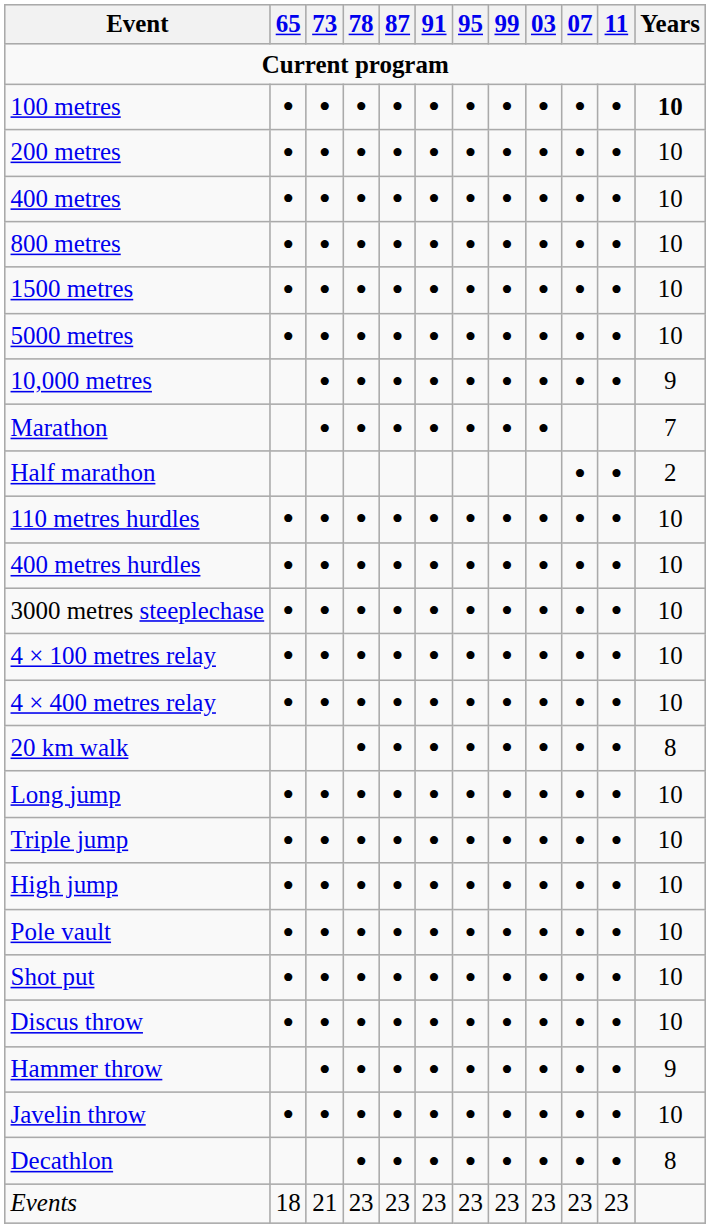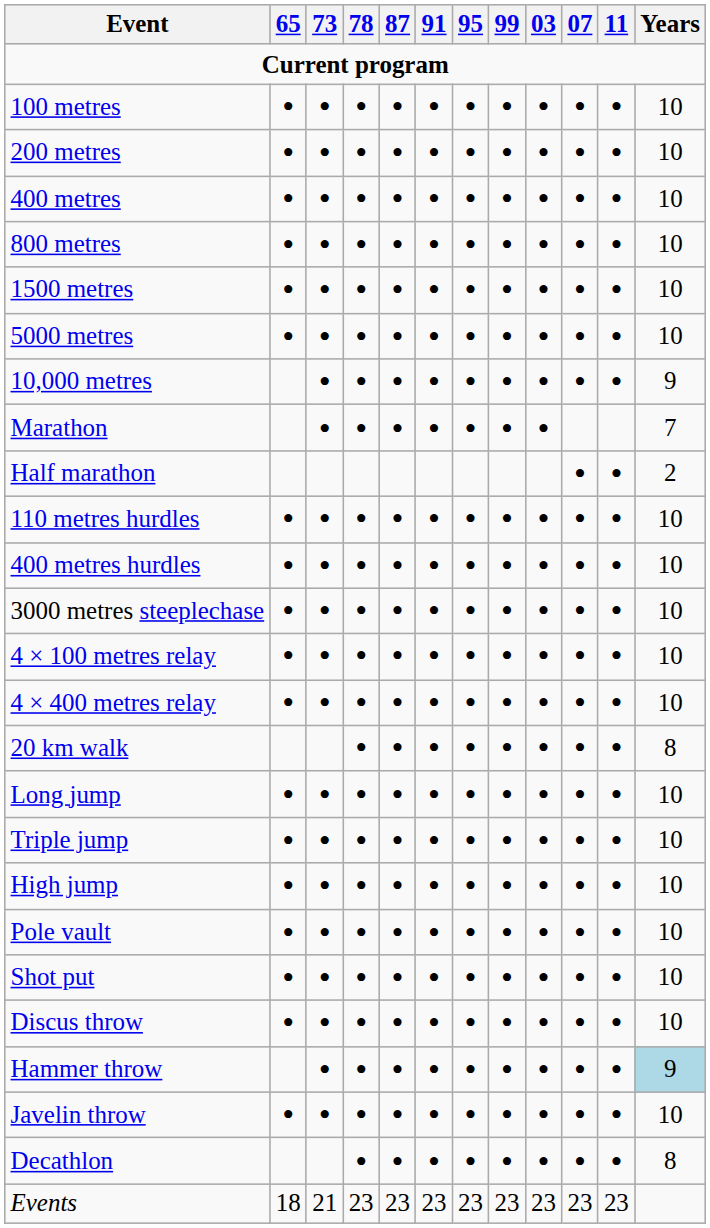 <table class="wikitable">
 <tr>
 <th>Event</th>
 <th><a href='#'>65</a></th>
 <th><a href='#'>73</a></th>
 <th><a href='#'>78</a></th>
 <th><a href='#'>87</a></th>
 <th><a href='#'>91</a></th>
 <th><a href='#'>95</a></th>
 <th><a href='#'>99</a></th>
 <th><a href='#'>03</a></th>
 <th><a href='#'>07</a></th>
 <th><a href='#'>11</a></th>
 <th>Years</th>
 </tr>
 <tr align=center>
 <td colspan=28 align=center><strong>Current program</strong></td>
 </tr>
 <tr align=center>
 <td align=left><a href='#'>100 metres</a></td>
 <td><big><strong>•</strong></big></td>
 <td><big><strong>•</strong></big></td>
 <td><big><strong>•</strong></big></td>
 <td><big><strong>•</strong></big></td>
 <td><big><strong>•</strong></big></td>
 <td><big><strong>•</strong></big></td>
 <td><big><strong>•</strong></big></td>
 <td><big><strong>•</strong></big></td>
 <td><big><strong>•</strong></big></td>
 <td><big><strong>•</strong></big></td>
-<td><strong>10</strong></td>
+<td>10</td>
 </tr>
 <tr align=center>
 <td align=left><a href='#'>200 metres</a></td>
 <td><big><strong>•</strong></big></td>
 <td><big><strong>•</strong></big></td>
 <td><big><strong>•</strong></big></td>
 <td><big><strong>•</strong></big></td>
 <td><big><strong>•</strong></big></td>
 <td><big><strong>•</strong></big></td>
 <td><big><strong>•</strong></big></td>
 <td><big><strong>•</strong></big></td>
 <td><big><strong>•</strong></big></td>
 <td><big><strong>•</strong></big></td>
 <td>10</td>
 </tr>
 <tr align=center>
 <td align=left><a href='#'>400 metres</a></td>
 <td><big><strong>•</strong></big></td>
 <td><big><strong>•</strong></big></td>
 <td><big><strong>•</strong></big></td>
 <td><big><strong>•</strong></big></td>
 <td><big><strong>•</strong></big></td>
 <td><big><strong>•</strong></big></td>
 <td><big><strong>•</strong></big></td>
 <td><big><strong>•</strong></big></td>
 <td><big><strong>•</strong></big></td>
 <td><big><strong>•</strong></big></td>
 <td>10</td>
 </tr>
 <tr align=center>
 <td align=left><a href='#'>800 metres</a></td>
 <td><big><strong>•</strong></big></td>
 <td><big><strong>•</strong></big></td>
 <td><big><strong>•</strong></big></td>
 <td><big><strong>•</strong></big></td>
 <td><big><strong>•</strong></big></td>
 <td><big><strong>•</strong></big></td>
 <td><big><strong>•</strong></big></td>
 <td><big><strong>•</strong></big></td>
 <td><big><strong>•</strong></big></td>
 <td><big><strong>•</strong></big></td>
 <td>10</td>
 </tr>
 <tr align=center>
 <td align=left><a href='#'>1500 metres</a></td>
 <td><big><strong>•</strong></big></td>
 <td><big><strong>•</strong></big></td>
 <td><big><strong>•</strong></big></td>
 <td><big><strong>•</strong></big></td>
 <td><big><strong>•</strong></big></td>
 <td><big><strong>•</strong></big></td>
 <td><big><strong>•</strong></big></td>
 <td><big><strong>•</strong></big></td>
 <td><big><strong>•</strong></big></td>
 <td><big><strong>•</strong></big></td>
 <td>10</td>
 </tr>
 <tr align=center>
 <td align=left><a href='#'>5000 metres</a></td>
 <td><big><strong>•</strong></big></td>
 <td><big><strong>•</strong></big></td>
 <td><big><strong>•</strong></big></td>
 <td><big><strong>•</strong></big></td>
 <td><big><strong>•</strong></big></td>
 <td><big><strong>•</strong></big></td>
 <td><big><strong>•</strong></big></td>
 <td><big><strong>•</strong></big></td>
 <td><big><strong>•</strong></big></td>
 <td><big><strong>•</strong></big></td>
 <td>10</td>
 </tr>
 <tr align=center>
 <td align=left><a href='#'>10,000 metres</a></td>
 <td></td>
 <td><big><strong>•</strong></big></td>
 <td><big><strong>•</strong></big></td>
 <td><big><strong>•</strong></big></td>
 <td><big><strong>•</strong></big></td>
 <td><big><strong>•</strong></big></td>
 <td><big><strong>•</strong></big></td>
 <td><big><strong>•</strong></big></td>
 <td><big><strong>•</strong></big></td>
 <td><big><strong>•</strong></big></td>
 <td>9</td>
 </tr>
 <tr align=center>
 <td align=left><a href='#'>Marathon</a></td>
 <td></td>
 <td><big><strong>•</strong></big></td>
 <td><big><strong>•</strong></big></td>
 <td><big><strong>•</strong></big></td>
 <td><big><strong>•</strong></big></td>
 <td><big><strong>•</strong></big></td>
 <td><big><strong>•</strong></big></td>
 <td><big><strong>•</strong></big></td>
 <td></td>
 <td></td>
 <td>7</td>
 </tr>
 <tr align=center>
 <td align=left><a href='#'>Half marathon</a></td>
 <td></td>
 <td></td>
 <td></td>
 <td></td>
 <td></td>
 <td></td>
 <td></td>
 <td></td>
 <td><big><strong>•</strong></big></td>
 <td><big><strong>•</strong></big></td>
 <td>2</td>
 </tr>
 <tr align=center>
 <td align=left><a href='#'>110 metres hurdles</a></td>
 <td><big><strong>•</strong></big></td>
 <td><big><strong>•</strong></big></td>
 <td><big><strong>•</strong></big></td>
 <td><big><strong>•</strong></big></td>
 <td><big><strong>•</strong></big></td>
 <td><big><strong>•</strong></big></td>
 <td><big><strong>•</strong></big></td>
 <td><big><strong>•</strong></big></td>
 <td><big><strong>•</strong></big></td>
 <td><big><strong>•</strong></big></td>
 <td>10</td>
 </tr>
 <tr align=center>
 <td align=left><a href='#'>400 metres hurdles</a></td>
 <td><big><strong>•</strong></big></td>
 <td><big><strong>•</strong></big></td>
 <td><big><strong>•</strong></big></td>
 <td><big><strong>•</strong></big></td>
 <td><big><strong>•</strong></big></td>
 <td><big><strong>•</strong></big></td>
 <td><big><strong>•</strong></big></td>
 <td><big><strong>•</strong></big></td>
 <td><big><strong>•</strong></big></td>
 <td><big><strong>•</strong></big></td>
 <td>10</td>
 </tr>
 <tr align=center>
 <td align=left>3000 metres <a href='#'>steeplechase</a></td>
 <td><big><strong>•</strong></big></td>
 <td><big><strong>•</strong></big></td>
 <td><big><strong>•</strong></big></td>
 <td><big><strong>•</strong></big></td>
 <td><big><strong>•</strong></big></td>
 <td><big><strong>•</strong></big></td>
 <td><big><strong>•</strong></big></td>
 <td><big><strong>•</strong></big></td>
 <td><big><strong>•</strong></big></td>
 <td><big><strong>•</strong></big></td>
 <td>10</td>
 </tr>
 <tr align=center>
 <td align=left><a href='#'>4 × 100 metres relay</a></td>
 <td><big><strong>•</strong></big></td>
 <td><big><strong>•</strong></big></td>
 <td><big><strong>•</strong></big></td>
 <td><big><strong>•</strong></big></td>
 <td><big><strong>•</strong></big></td>
 <td><big><strong>•</strong></big></td>
 <td><big><strong>•</strong></big></td>
 <td><big><strong>•</strong></big></td>
 <td><big><strong>•</strong></big></td>
 <td><big><strong>•</strong></big></td>
 <td>10</td>
 </tr>
 <tr align=center>
 <td align=left><a href='#'>4 × 400 metres relay</a></td>
 <td><big><strong>•</strong></big></td>
 <td><big><strong>•</strong></big></td>
 <td><big><strong>•</strong></big></td>
 <td><big><strong>•</strong></big></td>
 <td><big><strong>•</strong></big></td>
 <td><big><strong>•</strong></big></td>
 <td><big><strong>•</strong></big></td>
 <td><big><strong>•</strong></big></td>
 <td><big><strong>•</strong></big></td>
 <td><big><strong>•</strong></big></td>
 <td>10</td>
 </tr>
 <tr align=center>
 <td align=left><a href='#'>20 km walk</a></td>
 <td></td>
 <td></td>
 <td><big><strong>•</strong></big></td>
 <td><big><strong>•</strong></big></td>
 <td><big><strong>•</strong></big></td>
 <td><big><strong>•</strong></big></td>
 <td><big><strong>•</strong></big></td>
 <td><big><strong>•</strong></big></td>
 <td><big><strong>•</strong></big></td>
 <td><big><strong>•</strong></big></td>
 <td>8</td>
 </tr>
 <tr align=center>
 <td align=left><a href='#'>Long jump</a></td>
 <td><big><strong>•</strong></big></td>
 <td><big><strong>•</strong></big></td>
 <td><big><strong>•</strong></big></td>
 <td><big><strong>•</strong></big></td>
 <td><big><strong>•</strong></big></td>
 <td><big><strong>•</strong></big></td>
 <td><big><strong>•</strong></big></td>
 <td><big><strong>•</strong></big></td>
 <td><big><strong>•</strong></big></td>
 <td><big><strong>•</strong></big></td>
 <td>10</td>
 </tr>
 <tr align=center>
 <td align=left><a href='#'>Triple jump</a></td>
 <td><big><strong>•</strong></big></td>
 <td><big><strong>•</strong></big></td>
 <td><big><strong>•</strong></big></td>
 <td><big><strong>•</strong></big></td>
 <td><big><strong>•</strong></big></td>
 <td><big><strong>•</strong></big></td>
 <td><big><strong>•</strong></big></td>
 <td><big><strong>•</strong></big></td>
 <td><big><strong>•</strong></big></td>
 <td><big><strong>•</strong></big></td>
 <td>10</td>
 </tr>
 <tr align=center>
 <td align=left><a href='#'>High jump</a></td>
 <td><big><strong>•</strong></big></td>
 <td><big><strong>•</strong></big></td>
 <td><big><strong>•</strong></big></td>
 <td><big><strong>•</strong></big></td>
 <td><big><strong>•</strong></big></td>
 <td><big><strong>•</strong></big></td>
 <td><big><strong>•</strong></big></td>
 <td><big><strong>•</strong></big></td>
 <td><big><strong>•</strong></big></td>
 <td><big><strong>•</strong></big></td>
 <td>10</td>
 </tr>
 <tr align=center>
 <td align=left><a href='#'>Pole vault</a></td>
 <td><big><strong>•</strong></big></td>
 <td><big><strong>•</strong></big></td>
 <td><big><strong>•</strong></big></td>
 <td><big><strong>•</strong></big></td>
 <td><big><strong>•</strong></big></td>
 <td><big><strong>•</strong></big></td>
 <td><big><strong>•</strong></big></td>
 <td><big><strong>•</strong></big></td>
 <td><big><strong>•</strong></big></td>
 <td><big><strong>•</strong></big></td>
 <td>10</td>
 </tr>
 <tr align=center>
 <td align=left><a href='#'>Shot put</a></td>
 <td><big><strong>•</strong></big></td>
 <td><big><strong>•</strong></big></td>
 <td><big><strong>•</strong></big></td>
 <td><big><strong>•</strong></big></td>
 <td><big><strong>•</strong></big></td>
 <td><big><strong>•</strong></big></td>
 <td><big><strong>•</strong></big></td>
 <td><big><strong>•</strong></big></td>
 <td><big><strong>•</strong></big></td>
 <td><big><strong>•</strong></big></td>
 <td>10</td>
 </tr>
 <tr align=center>
 <td align=left><a href='#'>Discus throw</a></td>
 <td><big><strong>•</strong></big></td>
 <td><big><strong>•</strong></big></td>
 <td><big><strong>•</strong></big></td>
 <td><big><strong>•</strong></big></td>
 <td><big><strong>•</strong></big></td>
 <td><big><strong>•</strong></big></td>
 <td><big><strong>•</strong></big></td>
 <td><big><strong>•</strong></big></td>
 <td><big><strong>•</strong></big></td>
 <td><big><strong>•</strong></big></td>
 <td>10</td>
 </tr>
 <tr align=center>
 <td align=left><a href='#'>Hammer throw</a></td>
 <td></td>
 <td><big><strong>•</strong></big></td>
 <td><big><strong>•</strong></big></td>
 <td><big><strong>•</strong></big></td>
 <td><big><strong>•</strong></big></td>
 <td><big><strong>•</strong></big></td>
 <td><big><strong>•</strong></big></td>
 <td><big><strong>•</strong></big></td>
 <td><big><strong>•</strong></big></td>
 <td><big><strong>•</strong></big></td>
-<td>9</td>
+<td style="background: lightblue;">9</td>
 </tr>
 <tr align=center>
 <td align=left><a href='#'>Javelin throw</a></td>
 <td><big><strong>•</strong></big></td>
 <td><big><strong>•</strong></big></td>
 <td><big><strong>•</strong></big></td>
 <td><big><strong>•</strong></big></td>
 <td><big><strong>•</strong></big></td>
 <td><big><strong>•</strong></big></td>
 <td><big><strong>•</strong></big></td>
 <td><big><strong>•</strong></big></td>
 <td><big><strong>•</strong></big></td>
 <td><big><strong>•</strong></big></td>
 <td>10</td>
 </tr>
 <tr align=center>
 <td align=left><a href='#'>Decathlon</a></td>
 <td></td>
 <td></td>
 <td><big><strong>•</strong></big></td>
 <td><big><strong>•</strong></big></td>
 <td><big><strong>•</strong></big></td>
 <td><big><strong>•</strong></big></td>
 <td><big><strong>•</strong></big></td>
 <td><big><strong>•</strong></big></td>
 <td><big><strong>•</strong></big></td>
 <td><big><strong>•</strong></big></td>
 <td>8</td>
 </tr>
 <tr align=center>
 <td align=left><em>Events</em></td>
 <td>18</td>
 <td>21</td>
 <td>23</td>
 <td>23</td>
 <td>23</td>
 <td>23</td>
 <td>23</td>
 <td>23</td>
 <td>23</td>
 <td>23</td>
 </tr>
 </table>
